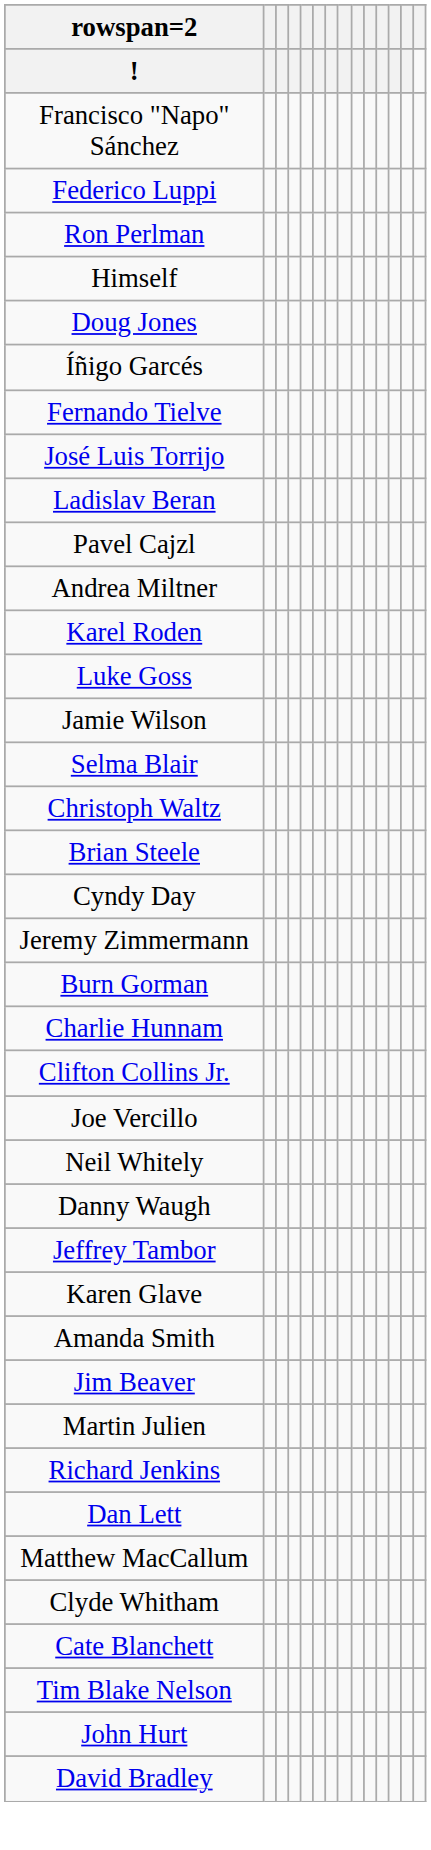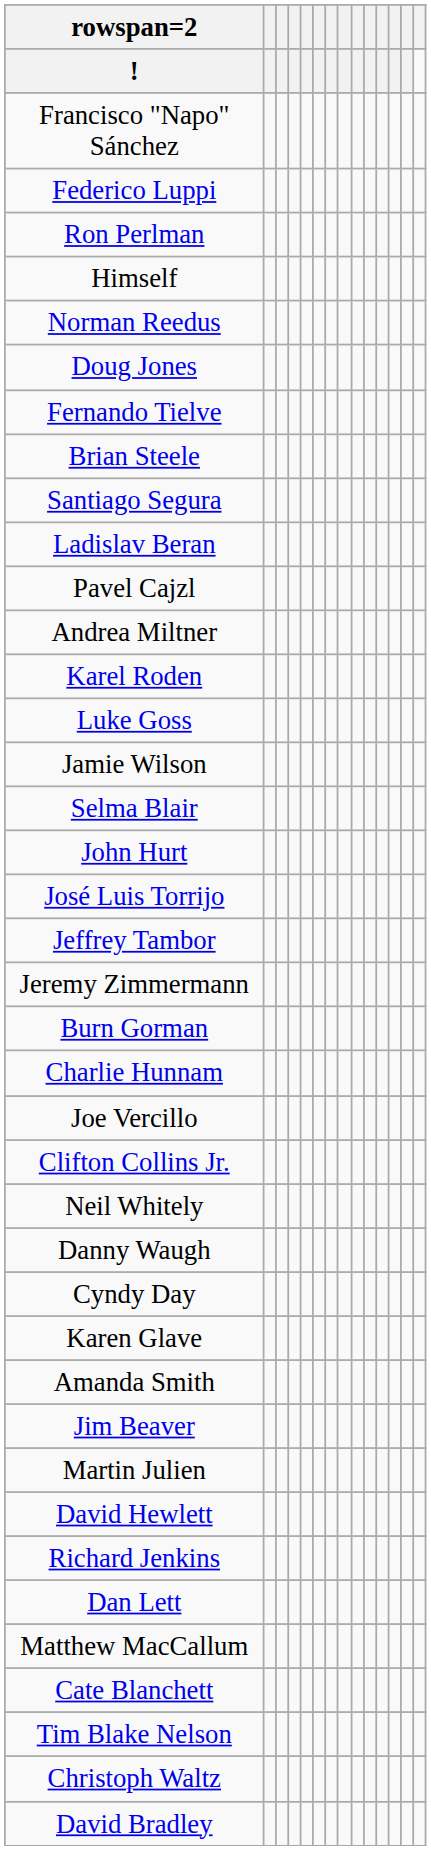 <table class="wikitable" style="text-align:center;font-size:95%;vertical-align:bottom;">
 <tr>
 <th>rowspan=2 </th>
 <th></th>
 <th></th>
 <th></th>
 <th></th>
 <th></th>
 <th></th>
 <th></th>
 <th></th>
 <th></th>
 <th></th>
 <th></th>
 <th></th>
 <th></th>
 </tr>
 <tr>
 <th>! </th>
 <th></th>
 <th></th>
 <th></th>
 <th></th>
 <th></th>
 <th></th>
 <th></th>
 <th></th>
 <th></th>
 <th></th>
 <th></th>
 <th></th>
 </tr>
 <tr>
 <td width="140">Francisco "Napo" Sánchez</td>
 <td></td>
 <td></td>
 <td></td>
 <td></td>
 <td></td>
 <td></td>
 <td></td>
 <td></td>
 <td></td>
 <td></td>
 <td></td>
 <td></td>
 <td></td>
 </tr>
 <tr>
 <td width="140"><a href='#'>Federico Luppi</a></td>
 <td></td>
 <td></td>
 <td></td>
 <td></td>
 <td></td>
 <td></td>
 <td></td>
 <td></td>
 <td></td>
 <td></td>
 <td></td>
 <td></td>
 <td></td>
 </tr>
 <tr>
 <td width="140"><a href='#'>Ron Perlman</a></td>
 <td></td>
 <td></td>
 <td></td>
 <td></td>
 <td></td>
 <td></td>
 <td></td>
 <td></td>
 <td></td>
 <td></td>
 <td></td>
 <td></td>
 <td></td>
 </tr>
 <tr>
 <td width="140">Himself</td>
 <td></td>
 <td></td>
 <td></td>
 <td></td>
 <td></td>
 <td></td>
 <td></td>
 <td></td>
 <td></td>
 <td></td>
 <td></td>
 <td></td>
 <td></td>
 </tr>
 <tr>
-<td width="140"><a href='#'>Doug Jones</a></td>
+<td width="140"><a href='#'>Norman Reedus</a></td>
 <td></td>
 <td></td>
 <td></td>
 <td></td>
 <td></td>
 <td></td>
 <td></td>
 <td></td>
 <td></td>
 <td></td>
 <td></td>
 <td></td>
 <td></td>
 </tr>
 <tr>
-<td width="140">Íñigo Garcés</td>
+<td width="140"><a href='#'>Doug Jones</a></td>
 <td></td>
 <td></td>
 <td></td>
 <td></td>
 <td></td>
 <td></td>
 <td></td>
 <td></td>
 <td></td>
 <td></td>
 <td></td>
 <td></td>
 <td></td>
 </tr>
 <tr>
 <td width="140"><a href='#'>Fernando Tielve</a></td>
 <td></td>
 <td></td>
 <td></td>
 <td></td>
 <td></td>
 <td></td>
 <td></td>
 <td></td>
 <td></td>
 <td></td>
 <td></td>
 <td></td>
 <td></td>
 </tr>
 <tr>
-<td width="140"><a href='#'>José Luis Torrijo</a></td>
+<td width="140"><a href='#'>Brian Steele</a></td>
+<td></td>
+<td></td>
+<td></td>
+<td></td>
+<td></td>
+<td></td>
+<td></td>
+<td></td>
+<td></td>
+<td></td>
+<td></td>
+<td></td>
+<td></td>
+</tr>
+<tr>
+<td width="140"><a href='#'>Santiago Segura</a></td>
 <td></td>
 <td></td>
 <td></td>
 <td></td>
 <td></td>
 <td></td>
 <td></td>
 <td></td>
 <td></td>
 <td></td>
 <td></td>
 <td></td>
 <td></td>
 </tr>
 <tr>
 <td width="140"><a href='#'>Ladislav Beran</a></td>
 <td></td>
 <td></td>
 <td></td>
 <td></td>
 <td></td>
 <td></td>
 <td></td>
 <td></td>
 <td></td>
 <td></td>
 <td></td>
 <td></td>
 <td></td>
 </tr>
 <tr>
 <td width="140">Pavel Cajzl</td>
 <td></td>
 <td></td>
 <td></td>
 <td></td>
 <td></td>
 <td></td>
 <td></td>
 <td></td>
 <td></td>
 <td></td>
 <td></td>
 <td></td>
 <td></td>
 </tr>
 <tr>
 <td width="140">Andrea Miltner</td>
 <td></td>
 <td></td>
 <td></td>
 <td></td>
 <td></td>
 <td></td>
 <td></td>
 <td></td>
 <td></td>
 <td></td>
 <td></td>
 <td></td>
 <td></td>
 </tr>
 <tr>
 <td width="140"><a href='#'>Karel Roden</a></td>
 <td></td>
 <td></td>
 <td></td>
 <td></td>
 <td></td>
 <td></td>
 <td></td>
 <td></td>
 <td></td>
 <td></td>
 <td></td>
 <td></td>
 <td></td>
 </tr>
 <tr>
 <td width="140"><a href='#'>Luke Goss</a></td>
 <td></td>
 <td></td>
 <td></td>
 <td></td>
 <td></td>
 <td></td>
 <td></td>
 <td></td>
 <td></td>
 <td></td>
 <td></td>
 <td></td>
 <td></td>
 </tr>
 <tr>
 <td width="140">Jamie Wilson</td>
 <td></td>
 <td></td>
 <td></td>
 <td></td>
 <td></td>
 <td></td>
 <td></td>
 <td></td>
 <td></td>
 <td></td>
 <td></td>
 <td></td>
 <td></td>
 </tr>
 <tr>
 <td width="140"><a href='#'>Selma Blair</a></td>
 <td></td>
 <td></td>
 <td></td>
 <td></td>
 <td></td>
 <td></td>
 <td></td>
 <td></td>
 <td></td>
 <td></td>
 <td></td>
 <td></td>
 <td></td>
 </tr>
 <tr>
-<td width="140"><a href='#'>Christoph Waltz</a></td>
+<td width="140"><a href='#'>John Hurt</a></td>
 <td></td>
 <td></td>
 <td></td>
 <td></td>
 <td></td>
 <td></td>
 <td></td>
 <td></td>
 <td></td>
 <td></td>
 <td></td>
 <td></td>
 <td></td>
 </tr>
 <tr>
-<td width="140"><a href='#'>Brian Steele</a></td>
+<td width="140"><a href='#'>José Luis Torrijo</a></td>
 <td></td>
 <td></td>
 <td></td>
 <td></td>
 <td></td>
 <td></td>
 <td></td>
 <td></td>
 <td></td>
 <td></td>
 <td></td>
 <td></td>
 <td></td>
 </tr>
 <tr>
-<td width="140">Cyndy Day</td>
+<td width="140"><a href='#'>Jeffrey Tambor</a></td>
 <td></td>
 <td></td>
 <td></td>
 <td></td>
 <td></td>
 <td></td>
 <td></td>
 <td></td>
 <td></td>
 <td></td>
 <td></td>
 <td></td>
 <td></td>
 </tr>
 <tr>
 <td width="140">Jeremy Zimmermann</td>
 <td></td>
 <td></td>
 <td></td>
 <td></td>
 <td></td>
 <td></td>
 <td></td>
 <td></td>
 <td></td>
 <td></td>
 <td></td>
 <td></td>
 <td></td>
 </tr>
 <tr>
 <td width="140"><a href='#'>Burn Gorman</a></td>
 <td></td>
 <td></td>
 <td></td>
 <td></td>
 <td></td>
 <td></td>
 <td></td>
 <td></td>
 <td></td>
 <td></td>
 <td></td>
 <td></td>
 <td></td>
 </tr>
 <tr>
 <td width="140"><a href='#'>Charlie Hunnam</a></td>
 <td></td>
 <td></td>
 <td></td>
 <td></td>
 <td></td>
 <td></td>
 <td></td>
 <td></td>
 <td></td>
 <td></td>
 <td></td>
 <td></td>
 <td></td>
 </tr>
 <tr>
-<td width="140"><a href='#'>Clifton Collins Jr.</a></td>
+<td width="140">Joe Vercillo</td>
 <td></td>
 <td></td>
 <td></td>
 <td></td>
 <td></td>
 <td></td>
 <td></td>
 <td></td>
 <td></td>
 <td></td>
 <td></td>
 <td></td>
 <td></td>
 </tr>
 <tr>
-<td width="140">Joe Vercillo</td>
+<td width="140"><a href='#'>Clifton Collins Jr.</a></td>
 <td></td>
 <td></td>
 <td></td>
 <td></td>
 <td></td>
 <td></td>
 <td></td>
 <td></td>
 <td></td>
 <td></td>
 <td></td>
 <td></td>
 <td></td>
 </tr>
 <tr>
 <td width="140">Neil Whitely</td>
 <td></td>
 <td></td>
 <td></td>
 <td></td>
 <td></td>
 <td></td>
 <td></td>
 <td></td>
 <td></td>
 <td></td>
 <td></td>
 <td></td>
 <td></td>
 </tr>
 <tr>
 <td width="140">Danny Waugh</td>
 <td></td>
 <td></td>
 <td></td>
 <td></td>
 <td></td>
 <td></td>
 <td></td>
 <td></td>
 <td></td>
 <td></td>
 <td></td>
 <td></td>
 <td></td>
 </tr>
 <tr>
-<td width="140"><a href='#'>Jeffrey Tambor</a></td>
+<td width="140">Cyndy Day</td>
 <td></td>
 <td></td>
 <td></td>
 <td></td>
 <td></td>
 <td></td>
 <td></td>
 <td></td>
 <td></td>
 <td></td>
 <td></td>
 <td></td>
 <td></td>
 </tr>
 <tr>
 <td width="140">Karen Glave</td>
 <td></td>
 <td></td>
 <td></td>
 <td></td>
 <td></td>
 <td></td>
 <td></td>
 <td></td>
 <td></td>
 <td></td>
 <td></td>
 <td></td>
 <td></td>
 </tr>
 <tr>
 <td width="140">Amanda Smith</td>
 <td></td>
 <td></td>
 <td></td>
 <td></td>
 <td></td>
 <td></td>
 <td></td>
 <td></td>
 <td></td>
 <td></td>
 <td></td>
 <td></td>
 <td></td>
 </tr>
 <tr>
 <td width="140"><a href='#'>Jim Beaver</a></td>
 <td></td>
 <td></td>
 <td></td>
 <td></td>
 <td></td>
 <td></td>
 <td></td>
 <td></td>
 <td></td>
 <td></td>
 <td></td>
 <td></td>
 <td></td>
 </tr>
 <tr>
 <td width="140">Martin Julien</td>
 <td></td>
 <td></td>
 <td></td>
 <td></td>
 <td></td>
 <td></td>
 <td></td>
 <td></td>
 <td></td>
 <td></td>
 <td></td>
 <td></td>
 <td></td>
 </tr>
 <tr>
+<td width="140"><a href='#'>David Hewlett</a></td>
+<td></td>
+<td></td>
+<td></td>
+<td></td>
+<td></td>
+<td></td>
+<td></td>
+<td></td>
+<td></td>
+<td></td>
+<td></td>
+<td></td>
+<td></td>
+</tr>
+<tr>
 <td width="140"><a href='#'>Richard Jenkins</a></td>
 <td></td>
 <td></td>
 <td></td>
 <td></td>
 <td></td>
 <td></td>
 <td></td>
 <td></td>
 <td></td>
 <td></td>
 <td></td>
 <td></td>
 <td></td>
 </tr>
 <tr>
 <td width="140"><a href='#'>Dan Lett</a></td>
 <td></td>
 <td></td>
 <td></td>
 <td></td>
 <td></td>
 <td></td>
 <td></td>
 <td></td>
 <td></td>
 <td></td>
 <td></td>
 <td></td>
 <td></td>
 </tr>
 <tr>
 <td width="140">Matthew MacCallum</td>
 <td></td>
 <td></td>
 <td></td>
 <td></td>
 <td></td>
 <td></td>
 <td></td>
 <td></td>
 <td></td>
 <td></td>
 <td></td>
 <td></td>
 <td></td>
 </tr>
 <tr>
-<td width="140">Clyde Whitham</td>
-<td></td>
-<td></td>
-<td></td>
-<td></td>
-<td></td>
-<td></td>
-<td></td>
-<td></td>
-<td></td>
-<td></td>
-<td></td>
-<td></td>
-<td></td>
-</tr>
-<tr>
 <td width="140"><a href='#'>Cate Blanchett</a></td>
 <td></td>
 <td></td>
 <td></td>
 <td></td>
 <td></td>
 <td></td>
 <td></td>
 <td></td>
 <td></td>
 <td></td>
 <td></td>
 <td></td>
 <td></td>
 </tr>
 <tr>
 <td width="140"><a href='#'>Tim Blake Nelson</a></td>
 <td></td>
 <td></td>
 <td></td>
 <td></td>
 <td></td>
 <td></td>
 <td></td>
 <td></td>
 <td></td>
 <td></td>
 <td></td>
 <td></td>
 <td></td>
 </tr>
 <tr>
-<td width="140"><a href='#'>John Hurt</a></td>
+<td width="140"><a href='#'>Christoph Waltz</a></td>
 <td></td>
 <td></td>
 <td></td>
 <td></td>
 <td></td>
 <td></td>
 <td></td>
 <td></td>
 <td></td>
 <td></td>
 <td></td>
 <td></td>
 <td></td>
 </tr>
 <tr>
 <td width="140"><a href='#'>David Bradley</a></td>
 <td></td>
 <td></td>
 <td></td>
 <td></td>
 <td></td>
 <td></td>
 <td></td>
 <td></td>
 <td></td>
 <td></td>
 <td></td>
 <td></td>
 <td></td>
 </tr>
 </table>
